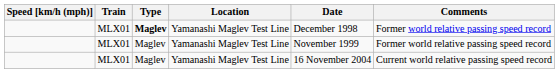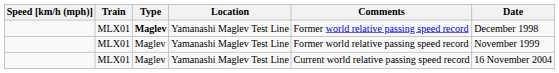 <table class="wikitable">
 <tr>
 <th>Speed [km/h (mph)]</th>
 <th>Train</th>
 <th>Type</th>
 <th>Location</th>
+<th>Comments</th>
 <th>Date</th>
-<th>Comments</th>
 </tr>
 <tr>
 <td></td>
 <td>MLX01</td>
 <td><strong>Maglev</strong></td>
 <td>Yamanashi Maglev Test Line</td>
+<td>Former <a href='#'>world relative passing speed record</a></td>
 <td>December 1998</td>
-<td>Former <a href='#'>world relative passing speed record</a></td>
 </tr>
 <tr>
 <td></td>
 <td>MLX01</td>
 <td>Maglev</td>
 <td>Yamanashi Maglev Test Line</td>
+<td>Former world relative passing speed record</td>
 <td>November 1999</td>
-<td>Former world relative passing speed record</td>
 </tr>
 <tr>
 <td></td>
 <td>MLX01</td>
 <td>Maglev</td>
 <td>Yamanashi Maglev Test Line</td>
+<td>Current world relative passing speed record</td>
 <td>16 November 2004</td>
-<td>Current world relative passing speed record</td>
 </tr>
 </table>
